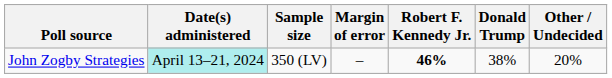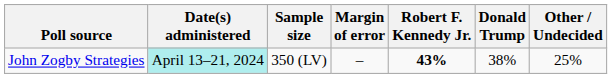 <table class="wikitable sortable mw-datatable" style="font-size:90%;text-align:center;line-height:17px">
 <tr style="vertical-align:bottom">
 <th>Poll source</th>
 <th>Date(s)<br>administered</th>
 <th>Sample<br>size</th>
 <th>Margin<br>of error</th>
 <th class="unsortable">Robert F.<br>Kennedy Jr.<br></th>
 <th class="unsortable">Donald<br>Trump<br></th>
 <th class="unsortable">Other /<br>Undecided</th>
 </tr>
 <tr>
 <td style="text-align:left;"><a href='#'>John Zogby Strategies</a></td>
 <td data-sort-value="2024-05-01" style="background: paleturquoise;">April 13–21, 2024</td>
 <td>350 (LV)</td>
 <td>–</td>
-<td style="background-color:"><strong>46%</strong></td>
+<td style="background-color:"><strong>43%</strong></td>
 <td>38%</td>
-<td>20%</td>
+<td>25%</td>
 </tr>
 </table>
